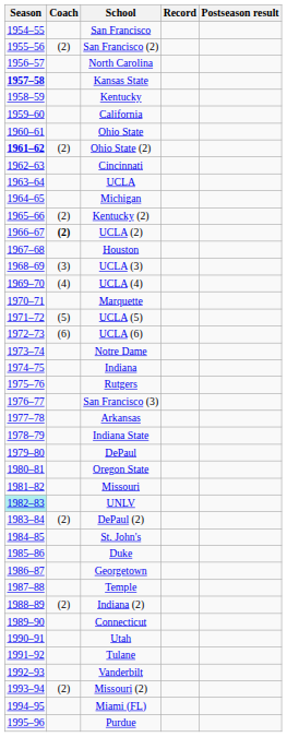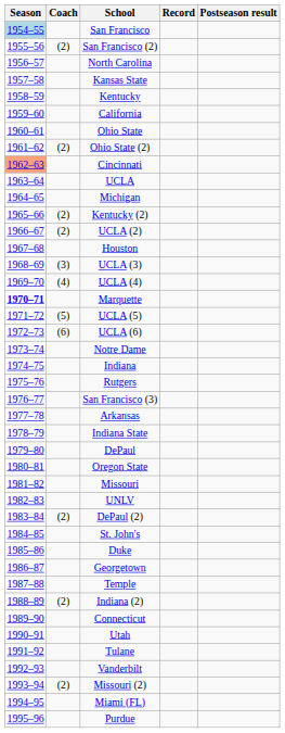 <table class="wikitable sortable" style="text-align:center;">
 <tr>
 <th>Season</th>
 <th>Coach</th>
 <th>School</th>
 <th>Record</th>
 <th>Postseason result</th>
 </tr>
 <tr align="center">
-<td><a href='#'>1954–55</a></td>
+<td style="background: lightblue;"><a href='#'>1954–55</a></td>
 <td></td>
 <td><a href='#'>San Francisco</a></td>
 <td></td>
 <td><strong></strong></td>
 </tr>
 <tr align="center">
 <td><a href='#'>1955–56</a></td>
 <td> (2)</td>
 <td><a href='#'>San Francisco</a> (2)</td>
 <td></td>
 <td><strong></strong></td>
 </tr>
 <tr align="center">
 <td><a href='#'>1956–57</a></td>
 <td></td>
 <td><a href='#'>North Carolina</a></td>
 <td></td>
 <td><strong></strong></td>
 </tr>
 <tr align="center">
-<td><strong><a href='#'>1957–58</a></strong></td>
+<td><a href='#'>1957–58</a></td>
 <td></td>
 <td><a href='#'>Kansas State</a></td>
 <td></td>
 <td></td>
 </tr>
 <tr align="center">
 <td><a href='#'>1958–59</a></td>
 <td></td>
 <td><a href='#'>Kentucky</a></td>
 <td></td>
 <td></td>
 </tr>
 <tr align="center">
 <td><a href='#'>1959–60</a></td>
 <td></td>
 <td><a href='#'>California</a></td>
 <td></td>
 <td></td>
 </tr>
 <tr align="center">
 <td><a href='#'>1960–61</a></td>
 <td></td>
 <td><a href='#'>Ohio State</a></td>
 <td></td>
 <td></td>
 </tr>
 <tr align="center">
-<td><strong><a href='#'>1961–62</a></strong></td>
+<td><a href='#'>1961–62</a></td>
 <td> (2)</td>
 <td><a href='#'>Ohio State</a> (2)</td>
 <td></td>
 <td></td>
 </tr>
 <tr align="center">
-<td><a href='#'>1962–63</a></td>
+<td style="background: lightsalmon;"><a href='#'>1962–63</a></td>
 <td></td>
 <td><a href='#'>Cincinnati</a></td>
 <td></td>
 <td></td>
 </tr>
 <tr align="center">
 <td><a href='#'>1963–64</a></td>
 <td></td>
 <td><a href='#'>UCLA</a></td>
 <td></td>
 <td><strong></strong></td>
 </tr>
 <tr align="center">
 <td><a href='#'>1964–65</a></td>
 <td></td>
 <td><a href='#'>Michigan</a></td>
 <td></td>
 <td></td>
 </tr>
 <tr align="center">
 <td><a href='#'>1965–66</a></td>
 <td> (2)</td>
 <td><a href='#'>Kentucky</a> (2)</td>
 <td></td>
 <td></td>
 </tr>
 <tr align="center">
 <td><a href='#'>1966–67</a></td>
-<td><strong> (2)</strong></td>
+<td> (2)</td>
 <td><a href='#'>UCLA</a> (2)</td>
 <td></td>
 <td><strong></strong></td>
 </tr>
 <tr align="center">
 <td><a href='#'>1967–68</a></td>
 <td></td>
 <td><a href='#'>Houston</a></td>
 <td></td>
 <td></td>
 </tr>
 <tr align="center">
 <td><a href='#'>1968–69</a></td>
 <td> (3)</td>
 <td><a href='#'>UCLA</a> (3)</td>
 <td></td>
 <td><strong></strong></td>
 </tr>
 <tr align="center">
 <td><a href='#'>1969–70</a></td>
 <td> (4)</td>
 <td><a href='#'>UCLA</a> (4)</td>
 <td></td>
 <td><strong></strong></td>
 </tr>
 <tr align="center">
-<td><a href='#'>1970–71</a></td>
+<td><strong><a href='#'>1970–71</a></strong></td>
 <td></td>
 <td><a href='#'>Marquette</a></td>
 <td></td>
 <td></td>
 </tr>
 <tr align="center">
 <td><a href='#'>1971–72</a></td>
 <td> (5)</td>
 <td><a href='#'>UCLA</a> (5)</td>
 <td></td>
 <td><strong></strong></td>
 </tr>
 <tr align="center">
 <td><a href='#'>1972–73</a></td>
 <td> (6)</td>
 <td><a href='#'>UCLA</a> (6)</td>
 <td></td>
 <td><strong></strong></td>
 </tr>
 <tr align="center">
 <td><a href='#'>1973–74</a></td>
 <td></td>
 <td><a href='#'>Notre Dame</a></td>
 <td></td>
 <td></td>
 </tr>
 <tr align="center">
 <td><a href='#'>1974–75</a></td>
 <td></td>
 <td><a href='#'>Indiana</a></td>
 <td></td>
 <td></td>
 </tr>
 <tr align="center">
 <td><a href='#'>1975–76</a></td>
 <td></td>
 <td><a href='#'>Rutgers</a></td>
 <td></td>
 <td></td>
 </tr>
 <tr align="center">
 <td><a href='#'>1976–77</a></td>
 <td></td>
 <td><a href='#'>San Francisco</a> (3)</td>
 <td></td>
 <td></td>
 </tr>
 <tr align="center">
 <td><a href='#'>1977–78</a></td>
 <td></td>
 <td><a href='#'>Arkansas</a></td>
 <td></td>
 <td></td>
 </tr>
 <tr align="center">
 <td><a href='#'>1978–79</a></td>
 <td></td>
 <td><a href='#'>Indiana State</a></td>
 <td></td>
 <td></td>
 </tr>
 <tr align="center">
 <td><a href='#'>1979–80</a></td>
 <td></td>
 <td><a href='#'>DePaul</a></td>
 <td></td>
 <td></td>
 </tr>
 <tr align="center">
 <td><a href='#'>1980–81</a></td>
 <td></td>
 <td><a href='#'>Oregon State</a></td>
 <td></td>
 <td></td>
 </tr>
 <tr align="center">
 <td><a href='#'>1981–82</a></td>
 <td></td>
 <td><a href='#'>Missouri</a></td>
 <td></td>
 <td></td>
 </tr>
 <tr align="center">
-<td style="background: paleturquoise;"><a href='#'>1982–83</a></td>
+<td><a href='#'>1982–83</a></td>
 <td></td>
 <td><a href='#'>UNLV</a></td>
 <td></td>
 <td></td>
 </tr>
 <tr align="center">
 <td><a href='#'>1983–84</a></td>
 <td> (2)</td>
 <td><a href='#'>DePaul</a> (2)</td>
 <td></td>
 <td></td>
 </tr>
 <tr align="center">
 <td><a href='#'>1984–85</a></td>
 <td></td>
 <td><a href='#'>St. John's</a></td>
 <td></td>
 <td></td>
 </tr>
 <tr align="center">
 <td><a href='#'>1985–86</a></td>
 <td></td>
 <td><a href='#'>Duke</a></td>
 <td></td>
 <td></td>
 </tr>
 <tr align="center">
 <td><a href='#'>1986–87</a></td>
 <td></td>
 <td><a href='#'>Georgetown</a></td>
 <td></td>
 <td></td>
 </tr>
 <tr align="center">
 <td><a href='#'>1987–88</a></td>
 <td></td>
 <td><a href='#'>Temple</a></td>
 <td></td>
 <td></td>
 </tr>
 <tr align="center">
 <td><a href='#'>1988–89</a></td>
 <td> (2)</td>
 <td><a href='#'>Indiana</a> (2)</td>
 <td></td>
 <td></td>
 </tr>
 <tr align="center">
 <td><a href='#'>1989–90</a></td>
 <td></td>
 <td><a href='#'>Connecticut</a></td>
 <td></td>
 <td></td>
 </tr>
 <tr align="center">
 <td><a href='#'>1990–91</a></td>
 <td></td>
 <td><a href='#'>Utah</a></td>
 <td></td>
 <td></td>
 </tr>
 <tr align="center">
 <td><a href='#'>1991–92</a></td>
 <td></td>
 <td><a href='#'>Tulane</a></td>
 <td></td>
 <td></td>
 </tr>
 <tr align="center">
 <td><a href='#'>1992–93</a></td>
 <td></td>
 <td><a href='#'>Vanderbilt</a></td>
 <td></td>
 <td></td>
 </tr>
 <tr align="center">
 <td><a href='#'>1993–94</a></td>
 <td> (2)</td>
 <td><a href='#'>Missouri</a> (2)</td>
 <td></td>
 <td></td>
 </tr>
 <tr align="center">
 <td><a href='#'>1994–95</a></td>
 <td></td>
 <td><a href='#'>Miami (FL)</a></td>
 <td></td>
 <td></td>
 </tr>
 <tr align="center">
 <td><a href='#'>1995–96</a></td>
 <td></td>
 <td><a href='#'>Purdue</a></td>
 <td></td>
 <td></td>
 </tr>
 </table>
